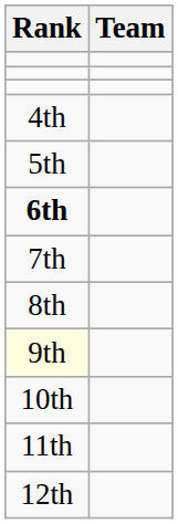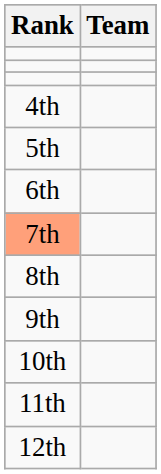 <table class=wikitable style="text-align:center;">
 <tr>
 <th>Rank</th>
 <th>Team</th>
 </tr>
 <tr>
 <td></td>
 <td style="text-align:left"></td>
 </tr>
 <tr>
 <td></td>
 <td style="text-align:left"></td>
 </tr>
 <tr>
 <td></td>
 <td style="text-align:left"></td>
 </tr>
 <tr>
 <td>4th</td>
 <td style="text-align:left"></td>
 </tr>
 <tr>
 <td>5th</td>
 <td style="text-align:left"></td>
 </tr>
 <tr>
-<td><strong>6th</strong></td>
+<td>6th</td>
 <td style="text-align:left"></td>
 </tr>
 <tr>
-<td>7th</td>
+<td style="background: lightsalmon;">7th</td>
 <td style="text-align:left"></td>
 </tr>
 <tr>
 <td>8th</td>
 <td style="text-align:left"></td>
 </tr>
 <tr>
-<td style="background: lightyellow;">9th</td>
+<td>9th</td>
 <td style="text-align:left"></td>
 </tr>
 <tr>
 <td>10th</td>
 <td style="text-align:left"></td>
 </tr>
 <tr>
 <td>11th</td>
 <td style="text-align:left"></td>
 </tr>
 <tr>
 <td>12th</td>
 <td style="text-align:left"></td>
 </tr>
 </table>
